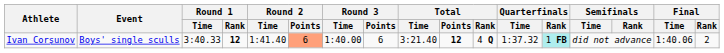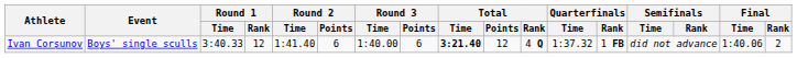 <table class="wikitable" style="font-size:90%">
 <tr>
 <th rowspan="2">Athlete</th>
 <th rowspan="2">Event</th>
 <th colspan="2">Round 1</th>
 <th colspan="2">Round 2</th>
 <th colspan="2">Round 3</th>
 <th colspan="3">Total</th>
 <th colspan="2">Quarterfinals</th>
 <th colspan="2">Semifinals</th>
 <th colspan="2">Final</th>
 </tr>
 <tr style="font-size:95%">
 <th>Time</th>
 <th>Rank</th>
 <th>Time</th>
 <th>Points</th>
 <th>Time</th>
 <th>Points</th>
 <th>Time</th>
 <th>Points</th>
 <th>Rank</th>
 <th>Time</th>
 <th>Rank</th>
 <th>Time</th>
 <th>Rank</th>
 <th>Time</th>
 <th>Rank</th>
 </tr>
 <tr align=center>
 <td align=left><a href='#'>Ivan Corșunov</a></td>
 <td align=left><a href='#'>Boys' single sculls</a></td>
 <td>3:40.33</td>
-<td><strong>12</strong></td>
+<td>12</td>
 <td>1:41.40</td>
-<td style="background: lightsalmon;">6</td>
+<td>6</td>
 <td>1:40.00</td>
 <td>6</td>
-<td>3:21.40</td>
-<td><strong>12</strong></td>
+<td><strong>3:21.40</strong></td>
+<td>12</td>
 <td>4 <strong>Q</strong></td>
 <td>1:37.32</td>
-<td style="background: paleturquoise;">1 <strong>FB</strong></td>
+<td>1 <strong>FB</strong></td>
 <td Colspan=2><em>did not advance</em></td>
 <td>1:40.06</td>
 <td>2</td>
 </tr>
 </table>
